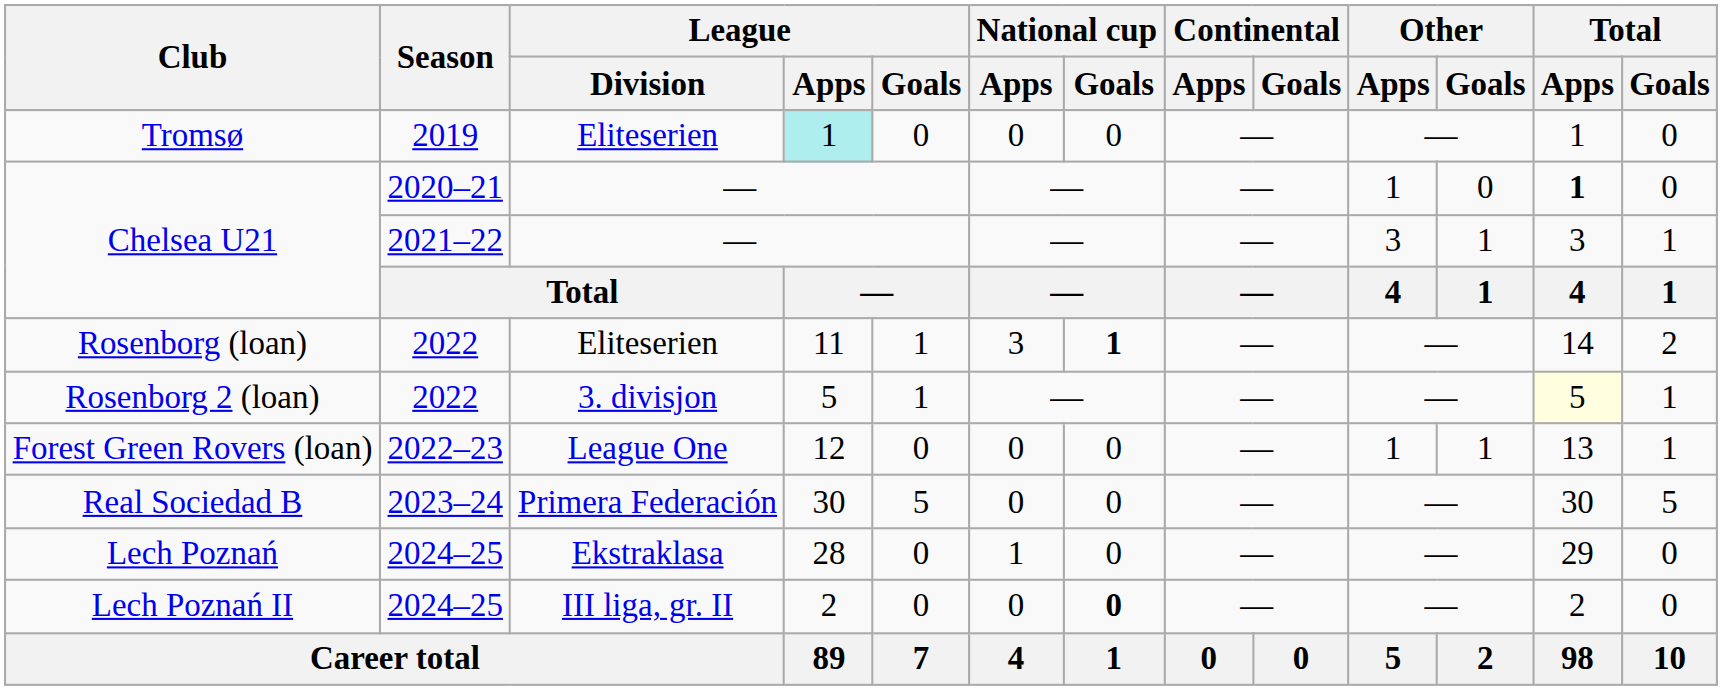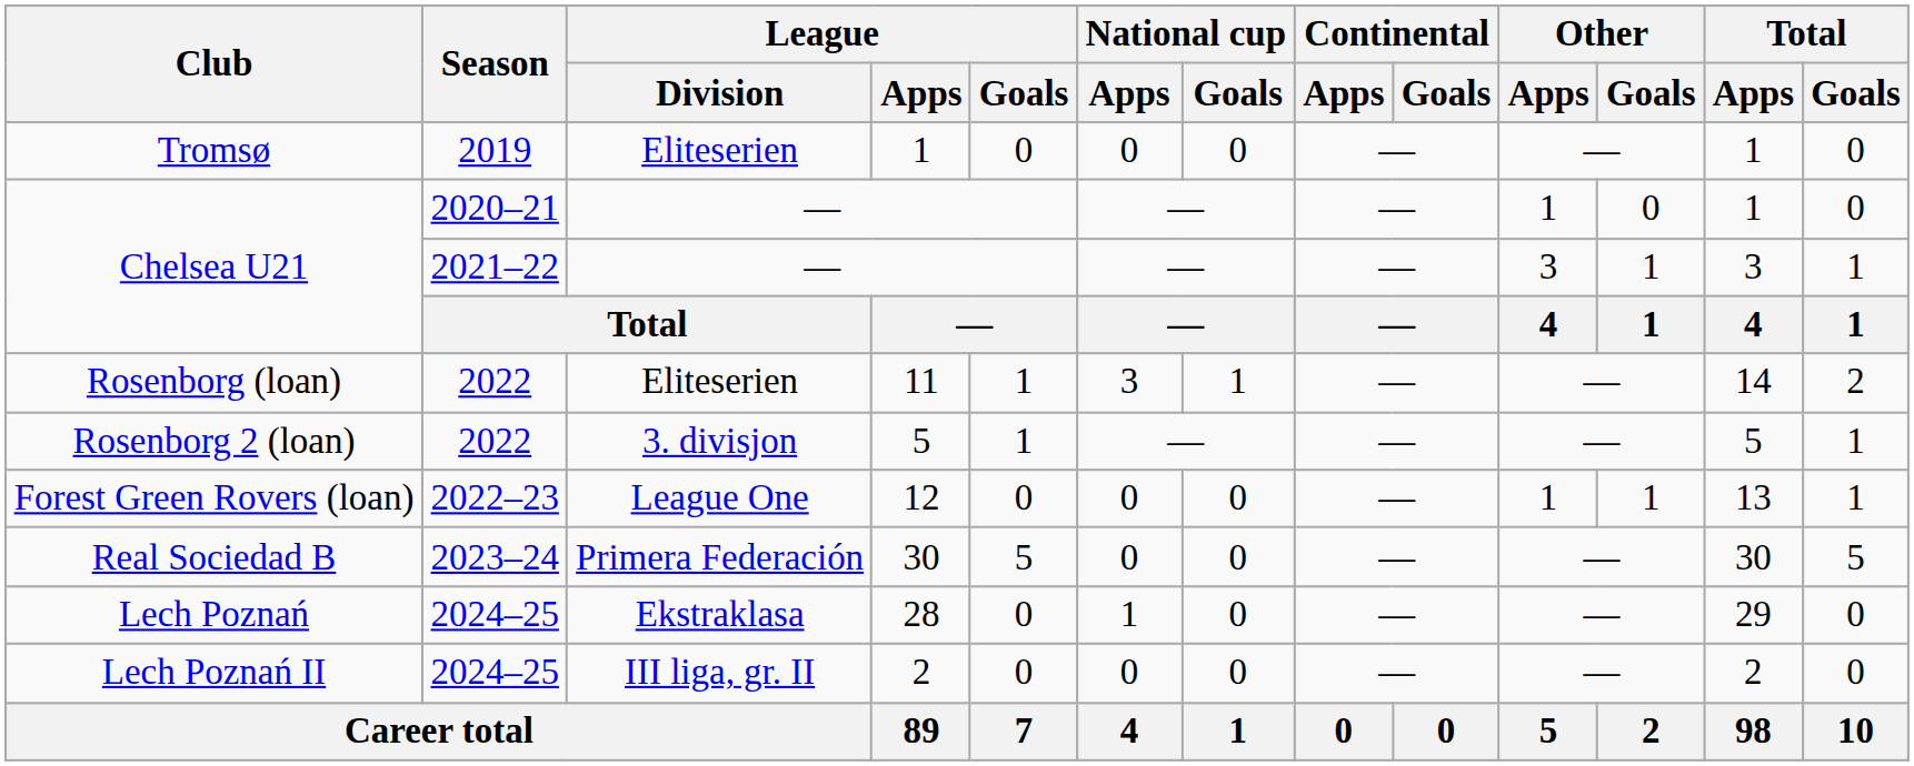 <table class="wikitable" style="text-align:center">
 <tr>
 <th rowspan="2">Club</th>
 <th rowspan="2">Season</th>
 <th colspan="3">League</th>
 <th colspan="2">National cup</th>
 <th colspan="2">Continental</th>
 <th colspan="2">Other</th>
 <th colspan="2">Total</th>
 </tr>
 <tr>
 <th>Division</th>
 <th>Apps</th>
 <th>Goals</th>
 <th>Apps</th>
 <th>Goals</th>
 <th>Apps</th>
 <th>Goals</th>
 <th>Apps</th>
 <th>Goals</th>
 <th>Apps</th>
 <th>Goals</th>
 </tr>
 <tr>
 <td><a href='#'>Tromsø</a></td>
 <td><a href='#'>2019</a></td>
 <td><a href='#'>Eliteserien</a></td>
-<td style="background: paleturquoise;">1</td>
+<td>1</td>
 <td>0</td>
 <td>0</td>
 <td>0</td>
 <td colspan="2">—</td>
 <td colspan="2">—</td>
 <td>1</td>
 <td>0</td>
 </tr>
 <tr>
 <td rowspan="3"><a href='#'>Chelsea U21</a></td>
 <td><a href='#'>2020–21</a></td>
 <td colspan=3>—</td>
 <td colspan=2>—</td>
 <td colspan=2>—</td>
 <td>1</td>
 <td>0</td>
-<td><strong>1</strong></td>
+<td>1</td>
 <td>0</td>
 </tr>
 <tr>
 <td><a href='#'>2021–22</a></td>
 <td colspan=3>—</td>
 <td colspan=2>—</td>
 <td colspan=2>—</td>
 <td>3</td>
 <td>1</td>
 <td>3</td>
 <td>1</td>
 </tr>
 <tr>
 <th colspan="2">Total</th>
 <th colspan=2>—</th>
 <th colspan=2>—</th>
 <th colspan=2>—</th>
 <th>4</th>
 <th>1</th>
 <th>4</th>
 <th>1</th>
 </tr>
 <tr>
 <td><a href='#'>Rosenborg</a> (loan)</td>
 <td><a href='#'>2022</a></td>
 <td>Eliteserien</td>
 <td>11</td>
 <td>1</td>
 <td>3</td>
-<td><strong>1</strong></td>
+<td>1</td>
 <td colspan="2">—</td>
 <td colspan="2">—</td>
 <td>14</td>
 <td>2</td>
 </tr>
 <tr>
 <td><a href='#'>Rosenborg 2</a> (loan)</td>
 <td><a href='#'>2022</a></td>
 <td><a href='#'>3. divisjon</a></td>
 <td>5</td>
 <td>1</td>
 <td colspan="2">—</td>
 <td colspan="2">—</td>
 <td colspan="2">—</td>
-<td style="background: lightyellow;">5</td>
+<td>5</td>
 <td>1</td>
 </tr>
 <tr>
 <td><a href='#'>Forest Green Rovers</a> (loan)</td>
 <td><a href='#'>2022–23</a></td>
 <td><a href='#'>League One</a></td>
 <td>12</td>
 <td>0</td>
 <td>0</td>
 <td>0</td>
 <td colspan="2">—</td>
 <td>1</td>
 <td>1</td>
 <td>13</td>
 <td>1</td>
 </tr>
 <tr>
 <td><a href='#'>Real Sociedad B</a></td>
 <td><a href='#'>2023–24</a></td>
 <td><a href='#'>Primera Federación</a></td>
 <td>30</td>
 <td>5</td>
 <td>0</td>
 <td>0</td>
 <td colspan="2">—</td>
 <td colspan="2">—</td>
 <td>30</td>
 <td>5</td>
 </tr>
 <tr>
 <td><a href='#'>Lech Poznań</a></td>
 <td><a href='#'>2024–25</a></td>
 <td><a href='#'>Ekstraklasa</a></td>
 <td>28</td>
 <td>0</td>
 <td>1</td>
 <td>0</td>
 <td colspan="2">—</td>
 <td colspan="2">—</td>
 <td>29</td>
 <td>0</td>
 </tr>
 <tr>
 <td><a href='#'>Lech Poznań II</a></td>
 <td><a href='#'>2024–25</a></td>
 <td><a href='#'>III liga, gr. II</a></td>
 <td>2</td>
 <td>0</td>
 <td>0</td>
-<td><strong>0</strong></td>
+<td>0</td>
 <td colspan="2">—</td>
 <td colspan="2">—</td>
 <td>2</td>
 <td>0</td>
 </tr>
 <tr>
 <th colspan="3">Career total</th>
 <th>89</th>
 <th>7</th>
 <th>4</th>
 <th>1</th>
 <th>0</th>
 <th>0</th>
 <th>5</th>
 <th>2</th>
 <th>98</th>
 <th>10</th>
 </tr>
 </table>
